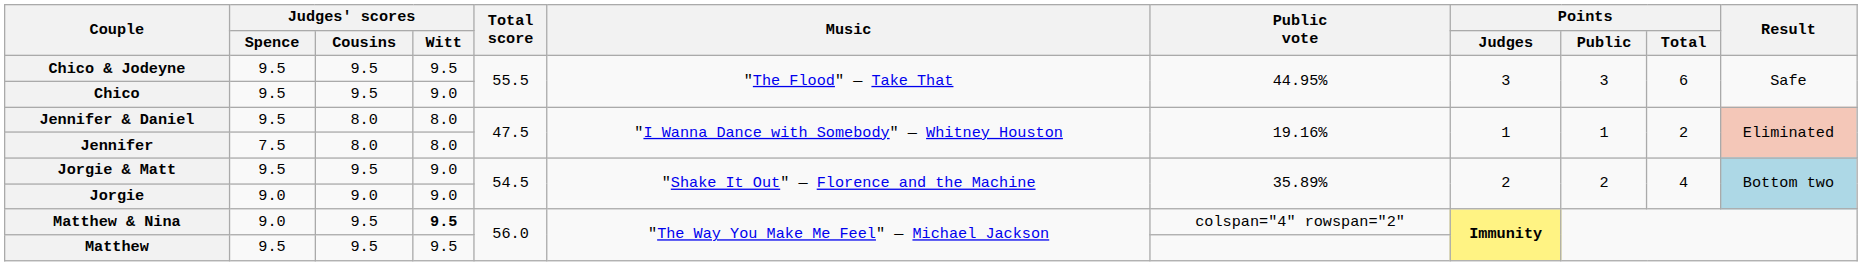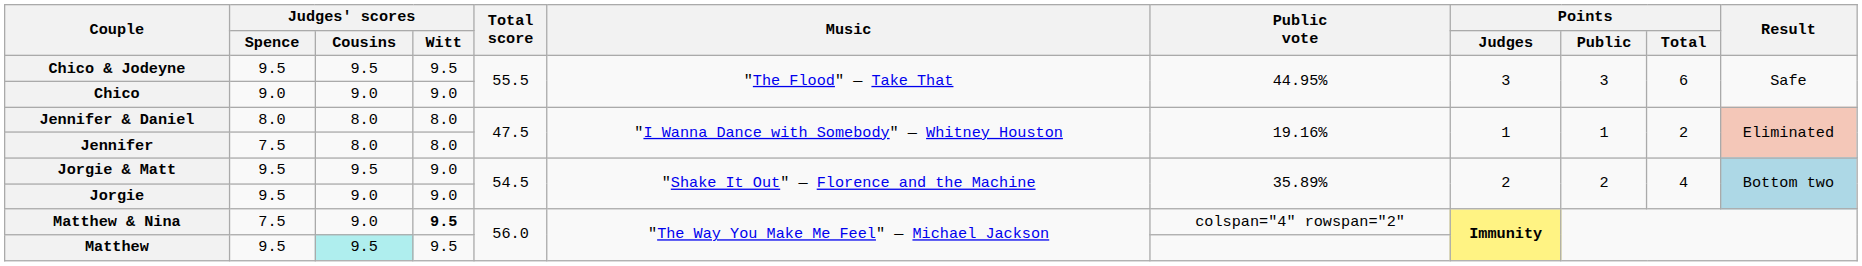 <table class="wikitable sortable" style="text-align:center; font-size:90%; width:90%">
 <tr>
 <th scope="col" rowspan=2>Couple</th>
 <th scope="col" colspan=3 class="unsortable">Judges' scores</th>
 <th scope="col" rowspan=2>Total<br>score</th>
 <th scope="col" rowspan=2 class="unsortable">Music</th>
 <th scope="col" rowspan=2>Public<br>vote</th>
 <th scope="col" colspan=3 class="unsortable">Points</th>
 <th scope="col" rowspan=2 class="unsortable">Result</th>
 </tr>
 <tr>
 <th class="unsortable">Spence</th>
 <th class="unsortable">Cousins</th>
 <th class="unsortable">Witt</th>
 <th class="unsortable">Judges</th>
 <th class="unsortable">Public</th>
 <th>Total</th>
 </tr>
 <tr>
 <th scope="row">Chico & Jodeyne</th>
 <td>9.5</td>
 <td>9.5</td>
 <td>9.5</td>
 <td rowspan="2">55.5</td>
 <td rowspan="2">"<a href='#'>The Flood</a>" — <a href='#'>Take That</a></td>
 <td rowspan="2">44.95%</td>
 <td rowspan="2">3</td>
 <td rowspan=2>3</td>
 <td rowspan=2>6</td>
 <td rowspan="2">Safe</td>
 </tr>
 <tr>
 <th scope="row">Chico</th>
-<td>9.5</td>
-<td>9.5</td>
+<td>9.0</td>
+<td>9.0</td>
 <td>9.0</td>
 </tr>
 <tr>
 <th scope="row">Jennifer & Daniel</th>
-<td>9.5</td>
+<td>8.0</td>
 <td>8.0</td>
 <td>8.0</td>
 <td rowspan="2">47.5</td>
 <td rowspan="2">"<a href='#'>I Wanna Dance with Somebody</a>" — <a href='#'>Whitney Houston</a></td>
 <td rowspan="2">19.16%</td>
 <td rowspan="2">1</td>
 <td rowspan=2>1</td>
 <td rowspan=2>2</td>
 <td rowspan="2" bgcolor="f4c7b8">Eliminated</td>
 </tr>
 <tr>
 <th scope="row">Jennifer</th>
 <td>7.5</td>
 <td>8.0</td>
 <td>8.0</td>
 </tr>
 <tr>
 <th scope="row">Jorgie & Matt</th>
 <td>9.5</td>
 <td>9.5</td>
 <td>9.0</td>
 <td rowspan="2">54.5</td>
 <td rowspan="2">"<a href='#'>Shake It Out</a>" — <a href='#'>Florence and the Machine</a></td>
 <td rowspan="2">35.89%</td>
 <td rowspan="2">2</td>
 <td rowspan=2>2</td>
 <td rowspan=2>4</td>
 <td rowspan="2" bgcolor=lightblue>Bottom two</td>
 </tr>
 <tr>
 <th scope="row">Jorgie</th>
-<td>9.0</td>
+<td>9.5</td>
 <td>9.0</td>
 <td>9.0</td>
 </tr>
 <tr>
 <th scope="row">Matthew & Nina</th>
+<td>7.5</td>
 <td>9.0</td>
-<td>9.5</td>
 <td><strong>9.5</strong></td>
 <td rowspan="2">56.0</td>
 <td rowspan="2">"<a href='#'>The Way You Make Me Feel</a>" — <a href='#'>Michael Jackson</a></td>
 <td>colspan="4" rowspan="2" </td>
 <td rowspan="2" bgcolor="fff383"><strong>Immunity</strong></td>
 </tr>
 <tr>
 <th scope="row">Matthew</th>
 <td>9.5</td>
-<td>9.5</td>
+<td style="background: paleturquoise;">9.5</td>
 <td>9.5</td>
 </tr>
 </table>
